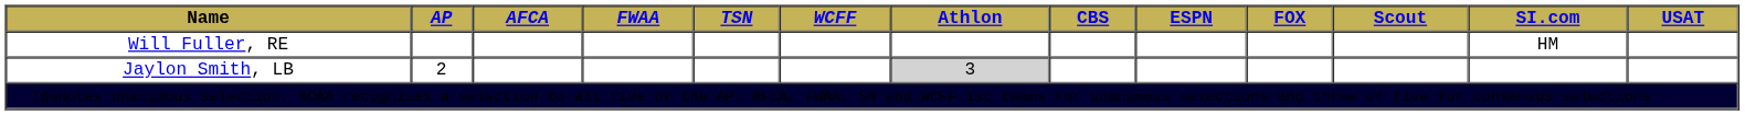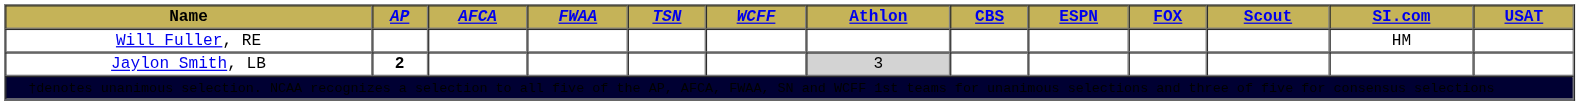 <table cellpadding="1" border="1" cellspacing="0" width="80%">
 <tr>
 <th bgcolor="#C5B358"><span>Name</span></th>
 <th bgcolor="#C5B358"><a href='#'><span><em>AP</em></span></a></th>
 <th bgcolor="#C5B358"><a href='#'><span><em>AFCA</em></span></a></th>
 <th bgcolor="#C5B358"><a href='#'><span><em>FWAA</em></span></a></th>
 <th bgcolor="#C5B358"><a href='#'><span><em>TSN</em></span></a></th>
 <th bgcolor="#C5B358"><a href='#'><span><em>WCFF</em></span></a></th>
 <th bgcolor="#C5B358"><a href='#'><span>Athlon</span></a></th>
 <th bgcolor="#C5B358"><a href='#'><span>CBS</span></a></th>
 <th bgcolor="#C5B358"><a href='#'><span>ESPN</span></a></th>
 <th bgcolor="#C5B358"><a href='#'><span>FOX</span></a></th>
 <th bgcolor="#C5B358"><a href='#'><span>Scout</span></a></th>
 <th bgcolor="#C5B358"><a href='#'><span>SI.com</span></a></th>
 <th bgcolor="#C5B358"><a href='#'><span>USAT</span></a></th>
 </tr>
 <tr align="center">
 <td><a href='#'>Will Fuller</a>, RE</td>
 <td></td>
 <td></td>
 <td></td>
 <td></td>
 <td></td>
 <td></td>
 <td></td>
 <td></td>
 <td></td>
 <td></td>
 <td>HM</td>
 <td></td>
 </tr>
 <tr align="center">
 <td><a href='#'>Jaylon Smith</a>, LB</td>
-<td>2</td>
+<td><strong>2</strong></td>
 <td></td>
 <td></td>
 <td></td>
 <td></td>
 <td style="background: lightgrey;">3</td>
 <td></td>
 <td></td>
 <td></td>
 <td></td>
 <td></td>
 <td></td>
 </tr>
 <tr align="center">
 <td colspan=15 bgcolor="#000033"><span><small>†denotes unanimous selection. NCAA recognizes a selection to all five of the AP, AFCA, FWAA, SN and WCFF 1st teams for unanimous selections and three of five for consensus selections       </small></span></td>
 </tr>
 </table>
